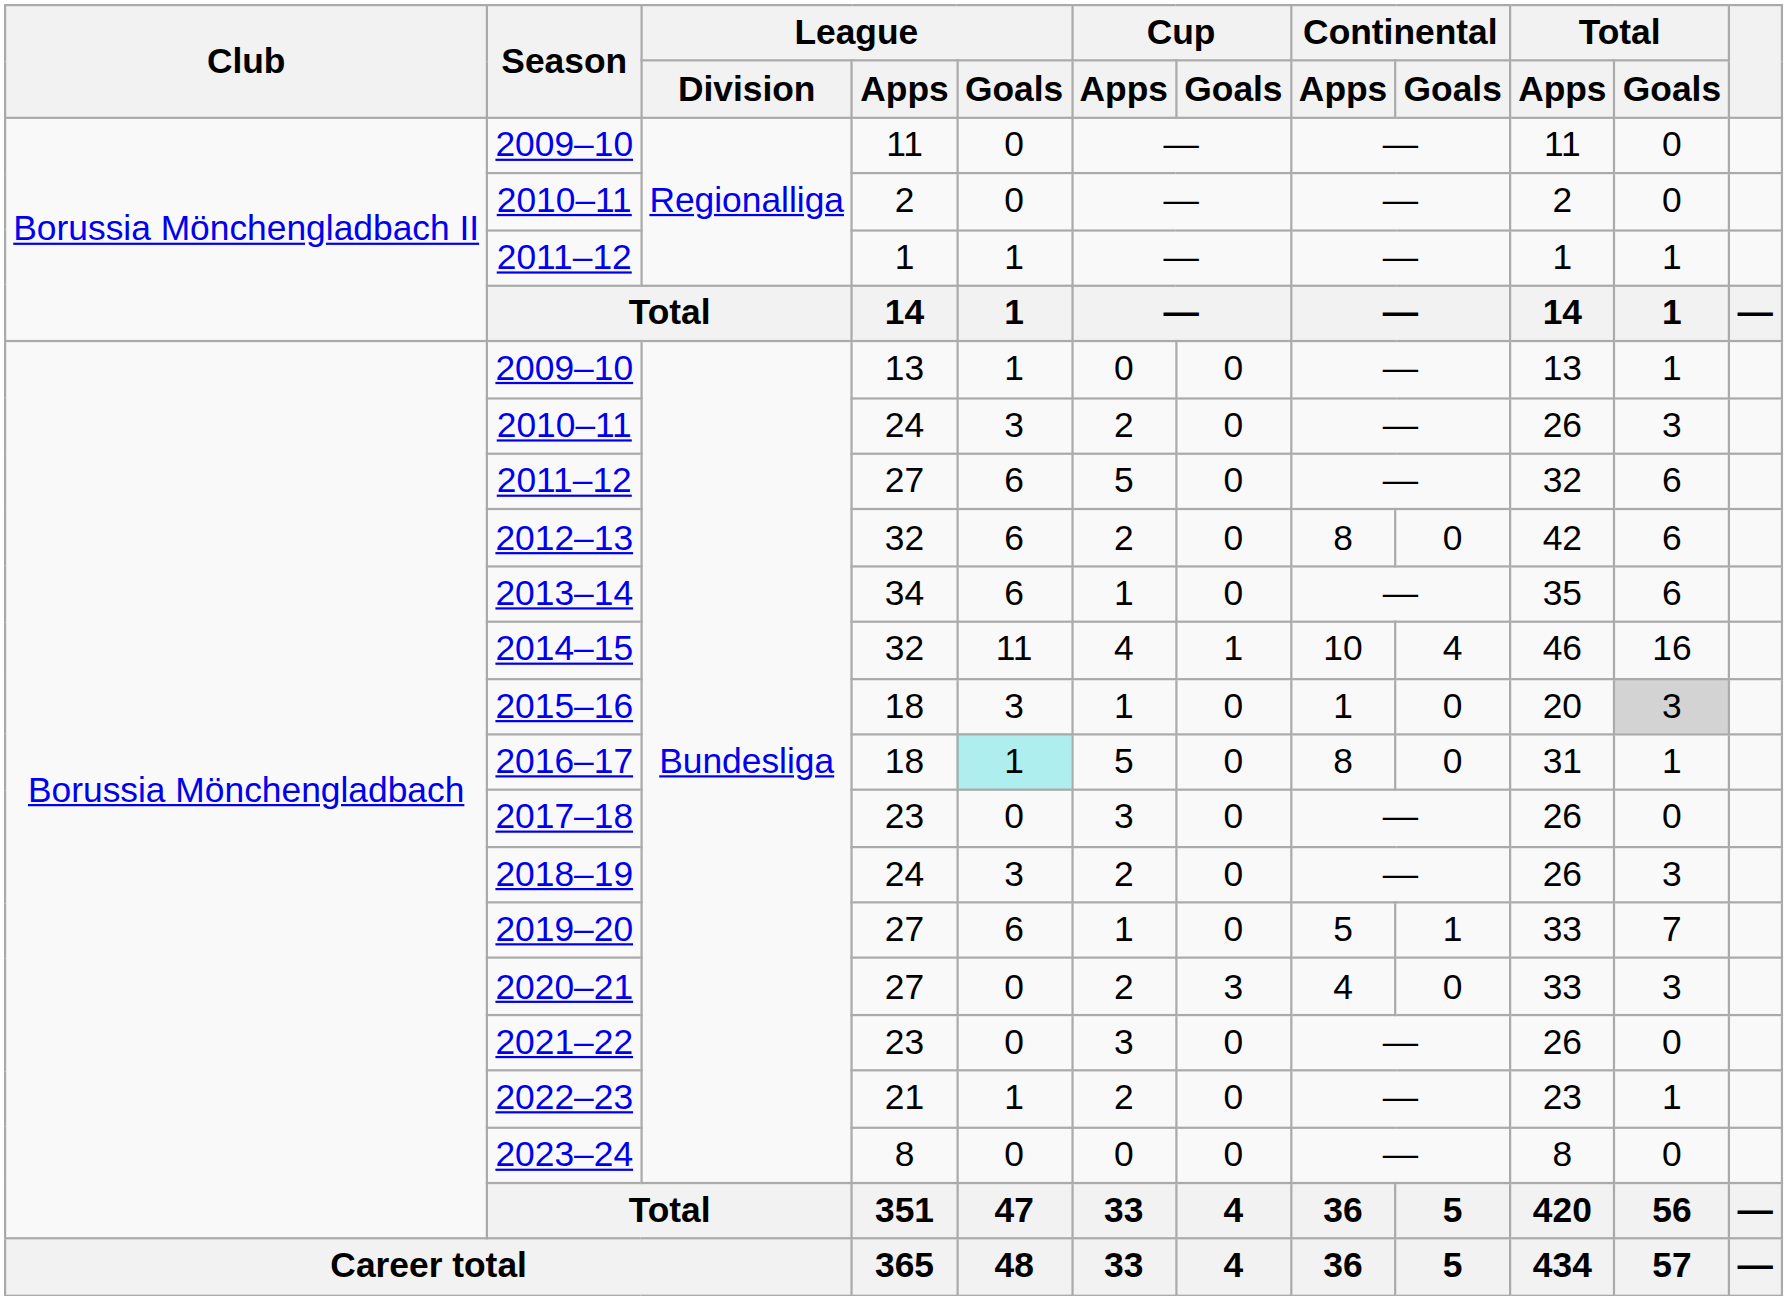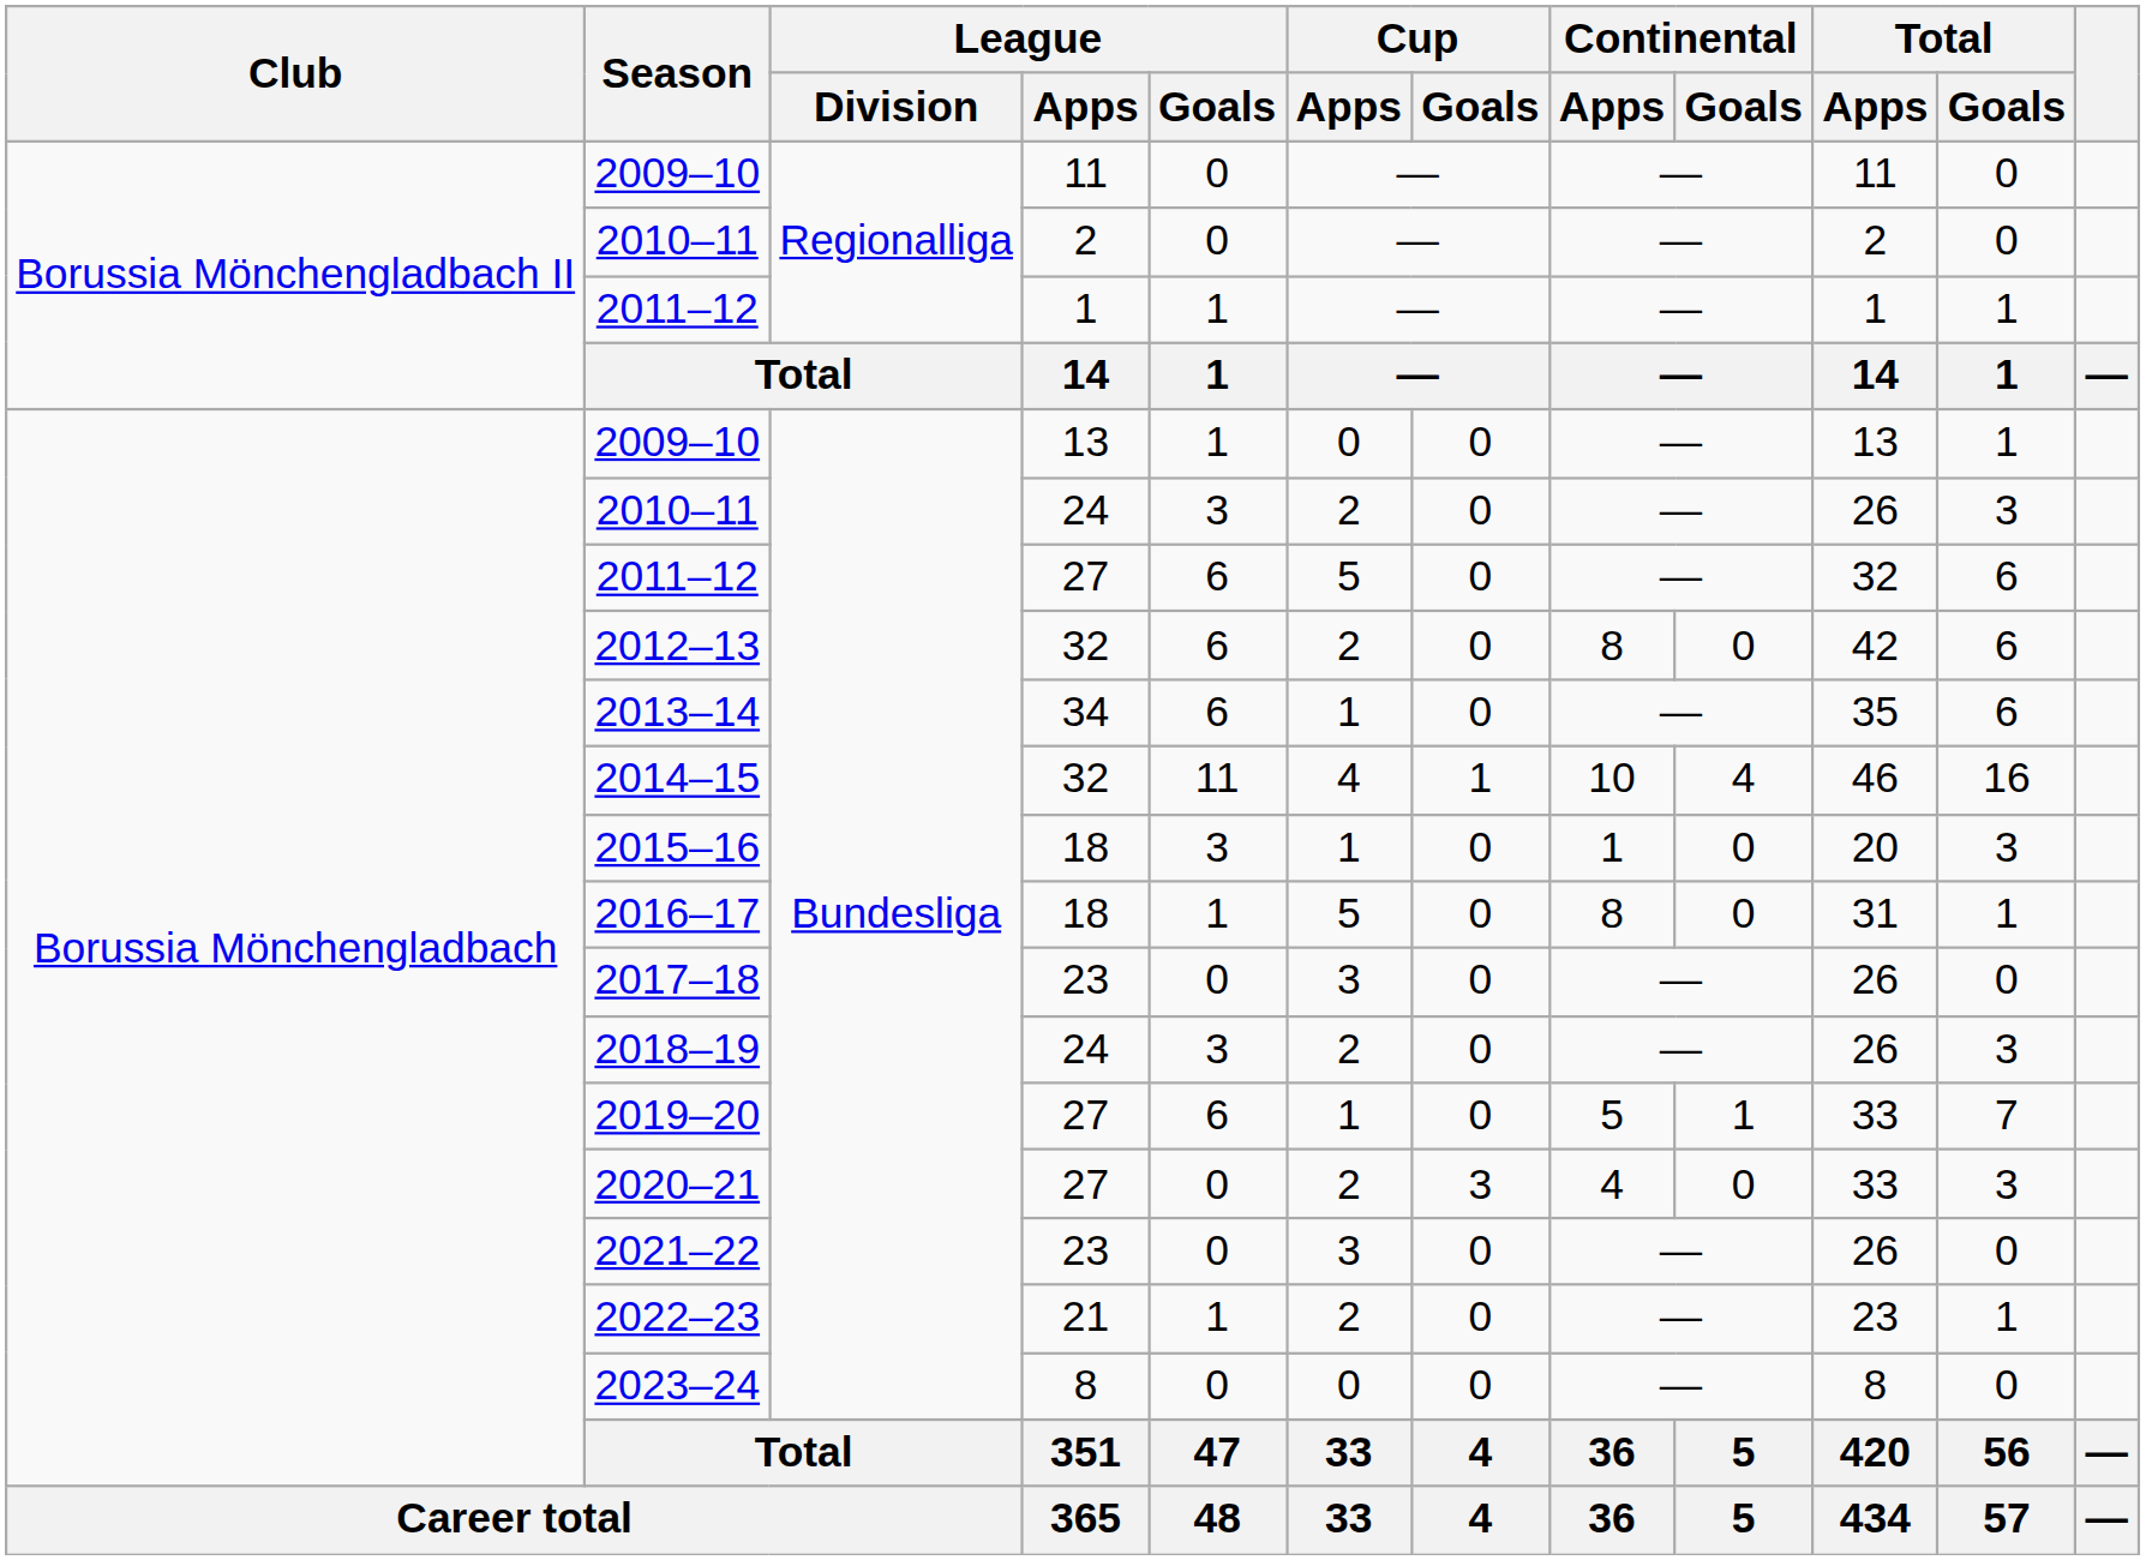 <table class="wikitable" style="text-align:center">
 <tr>
 <th rowspan="2">Club</th>
 <th rowspan="2">Season</th>
 <th colspan="3">League</th>
 <th colspan="2">Cup</th>
 <th colspan="2">Continental</th>
 <th colspan="2">Total</th>
 <th rowspan="2"></th>
 </tr>
 <tr>
 <th>Division</th>
 <th>Apps</th>
 <th>Goals</th>
 <th>Apps</th>
 <th>Goals</th>
 <th>Apps</th>
 <th>Goals</th>
 <th>Apps</th>
 <th>Goals</th>
 </tr>
 <tr>
 <td rowspan="4"><a href='#'>Borussia Mönchengladbach II</a></td>
 <td><a href='#'>2009–10</a></td>
 <td rowspan="3"><a href='#'>Regionalliga</a></td>
 <td>11</td>
 <td>0</td>
 <td colspan="2">—</td>
 <td colspan="2">—</td>
 <td>11</td>
 <td>0</td>
 <td></td>
 </tr>
 <tr>
 <td><a href='#'>2010–11</a></td>
 <td>2</td>
 <td>0</td>
 <td colspan="2">—</td>
 <td colspan="2">—</td>
 <td>2</td>
 <td>0</td>
 <td></td>
 </tr>
 <tr>
 <td><a href='#'>2011–12</a></td>
 <td>1</td>
 <td>1</td>
 <td colspan="2">—</td>
 <td colspan="2">—</td>
 <td>1</td>
 <td>1</td>
 <td></td>
 </tr>
 <tr>
 <th colspan="2">Total</th>
 <th>14</th>
 <th>1</th>
 <th colspan="2">—</th>
 <th colspan="2">—</th>
 <th>14</th>
 <th>1</th>
 <th>—</th>
 </tr>
 <tr>
 <td rowspan="16"><a href='#'>Borussia Mönchengladbach</a></td>
 <td><a href='#'>2009–10</a></td>
 <td rowspan="15"><a href='#'>Bundesliga</a></td>
 <td>13</td>
 <td>1</td>
 <td>0</td>
 <td>0</td>
 <td colspan="2">—</td>
 <td>13</td>
 <td>1</td>
 <td></td>
 </tr>
 <tr>
 <td><a href='#'>2010–11</a></td>
 <td>24</td>
 <td>3</td>
 <td>2</td>
 <td>0</td>
 <td colspan="2">—</td>
 <td>26</td>
 <td>3</td>
 <td></td>
 </tr>
 <tr>
 <td><a href='#'>2011–12</a></td>
 <td>27</td>
 <td>6</td>
 <td>5</td>
 <td>0</td>
 <td colspan="2">—</td>
 <td>32</td>
 <td>6</td>
 <td></td>
 </tr>
 <tr>
 <td><a href='#'>2012–13</a></td>
 <td>32</td>
 <td>6</td>
 <td>2</td>
 <td>0</td>
 <td>8</td>
 <td>0</td>
 <td>42</td>
 <td>6</td>
 <td></td>
 </tr>
 <tr>
 <td><a href='#'>2013–14</a></td>
 <td>34</td>
 <td>6</td>
 <td>1</td>
 <td>0</td>
 <td colspan="2">—</td>
 <td>35</td>
 <td>6</td>
 <td></td>
 </tr>
 <tr>
 <td><a href='#'>2014–15</a></td>
 <td>32</td>
 <td>11</td>
 <td>4</td>
 <td>1</td>
 <td>10</td>
 <td>4</td>
 <td>46</td>
 <td>16</td>
 <td></td>
 </tr>
 <tr>
 <td><a href='#'>2015–16</a></td>
 <td>18</td>
 <td>3</td>
 <td>1</td>
 <td>0</td>
 <td>1</td>
 <td>0</td>
 <td>20</td>
-<td style="background: lightgrey;">3</td>
+<td>3</td>
 <td></td>
 </tr>
 <tr>
 <td><a href='#'>2016–17</a></td>
 <td>18</td>
-<td style="background: paleturquoise;">1</td>
+<td>1</td>
 <td>5</td>
 <td>0</td>
 <td>8</td>
 <td>0</td>
 <td>31</td>
 <td>1</td>
 <td></td>
 </tr>
 <tr>
 <td><a href='#'>2017–18</a></td>
 <td>23</td>
 <td>0</td>
 <td>3</td>
 <td>0</td>
 <td colspan="2">—</td>
 <td>26</td>
 <td>0</td>
 <td></td>
 </tr>
 <tr>
 <td><a href='#'>2018–19</a></td>
 <td>24</td>
 <td>3</td>
 <td>2</td>
 <td>0</td>
 <td colspan="2">—</td>
 <td>26</td>
 <td>3</td>
 <td></td>
 </tr>
 <tr>
 <td><a href='#'>2019–20</a></td>
 <td>27</td>
 <td>6</td>
 <td>1</td>
 <td>0</td>
 <td>5</td>
 <td>1</td>
 <td>33</td>
 <td>7</td>
 <td></td>
 </tr>
 <tr>
 <td><a href='#'>2020–21</a></td>
 <td>27</td>
 <td>0</td>
 <td>2</td>
 <td>3</td>
 <td>4</td>
 <td>0</td>
 <td>33</td>
 <td>3</td>
 <td></td>
 </tr>
 <tr>
 <td><a href='#'>2021–22</a></td>
 <td>23</td>
 <td>0</td>
 <td>3</td>
 <td>0</td>
 <td colspan="2">—</td>
 <td>26</td>
 <td>0</td>
 <td></td>
 </tr>
 <tr>
 <td><a href='#'>2022–23</a></td>
 <td>21</td>
 <td>1</td>
 <td>2</td>
 <td>0</td>
 <td colspan="2">—</td>
 <td>23</td>
 <td>1</td>
 <td></td>
 </tr>
 <tr>
 <td><a href='#'>2023–24</a></td>
 <td>8</td>
 <td>0</td>
 <td>0</td>
 <td>0</td>
 <td colspan="2">—</td>
 <td>8</td>
 <td>0</td>
 <td></td>
 </tr>
 <tr>
 <th colspan="2">Total</th>
 <th>351</th>
 <th>47</th>
 <th>33</th>
 <th>4</th>
 <th>36</th>
 <th>5</th>
 <th>420</th>
 <th>56</th>
 <th>—</th>
 </tr>
 <tr>
 <th colspan="3">Career total</th>
 <th>365</th>
 <th>48</th>
 <th>33</th>
 <th>4</th>
 <th>36</th>
 <th>5</th>
 <th>434</th>
 <th>57</th>
 <th>—</th>
 </tr>
 </table>
